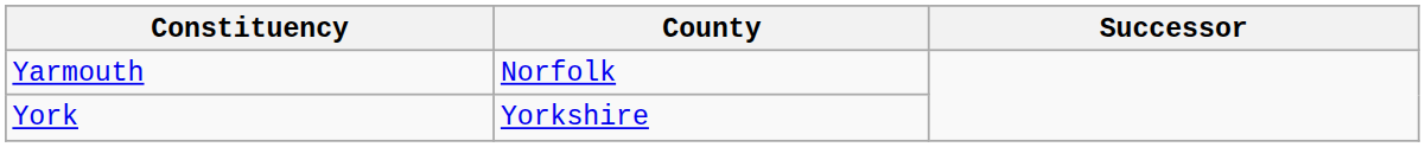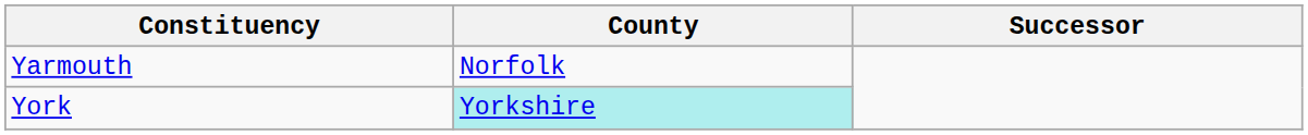 <table class="wikitable">
 <tr>
 <th width="225px">Constituency</th>
 <th width="200px">County</th>
 <th width="225px">Successor</th>
 </tr>
 <tr>
 <td><a href='#'>Yarmouth</a></td>
 <td><a href='#'>Norfolk</a></td>
 </tr>
 <tr>
 <td><a href='#'>York</a></td>
-<td><a href='#'>Yorkshire</a></td>
+<td style="background: paleturquoise;"><a href='#'>Yorkshire</a></td>
 </tr>
 </table>
